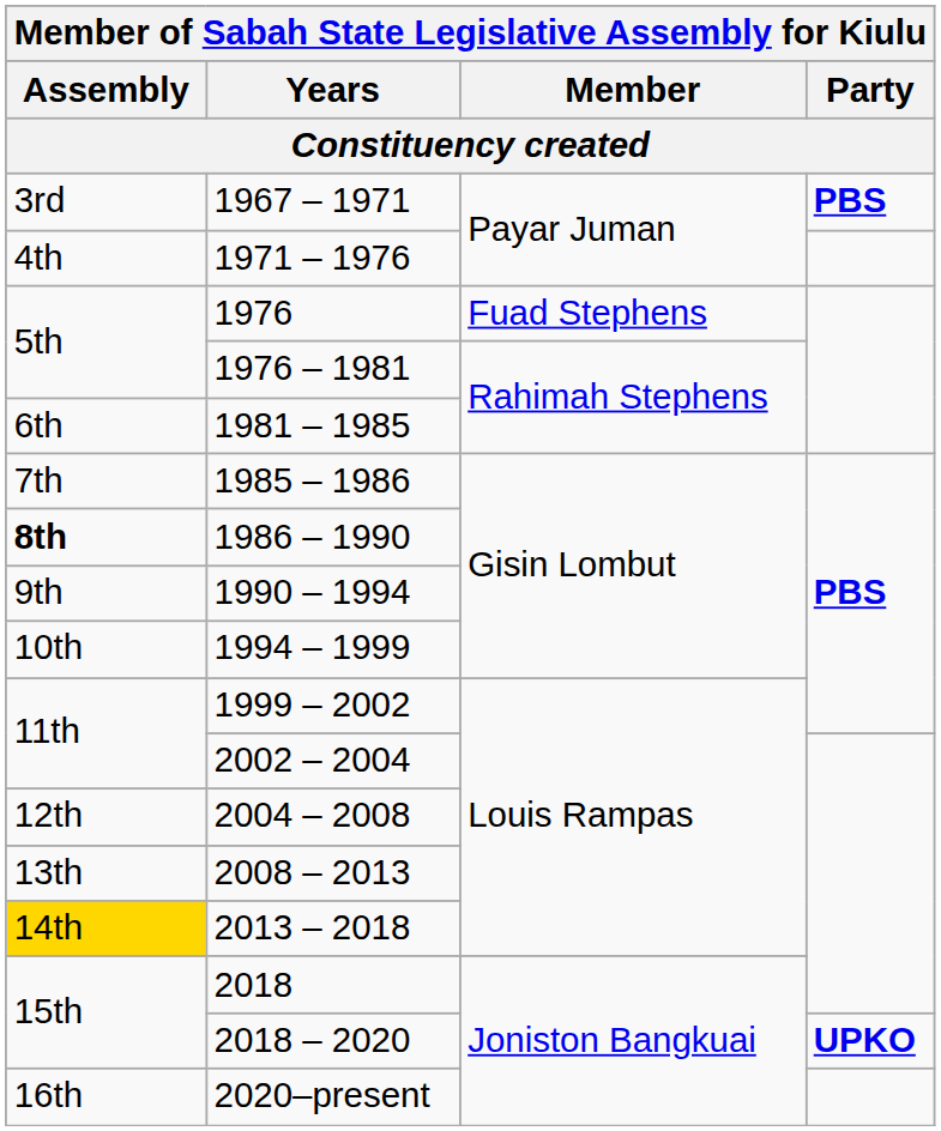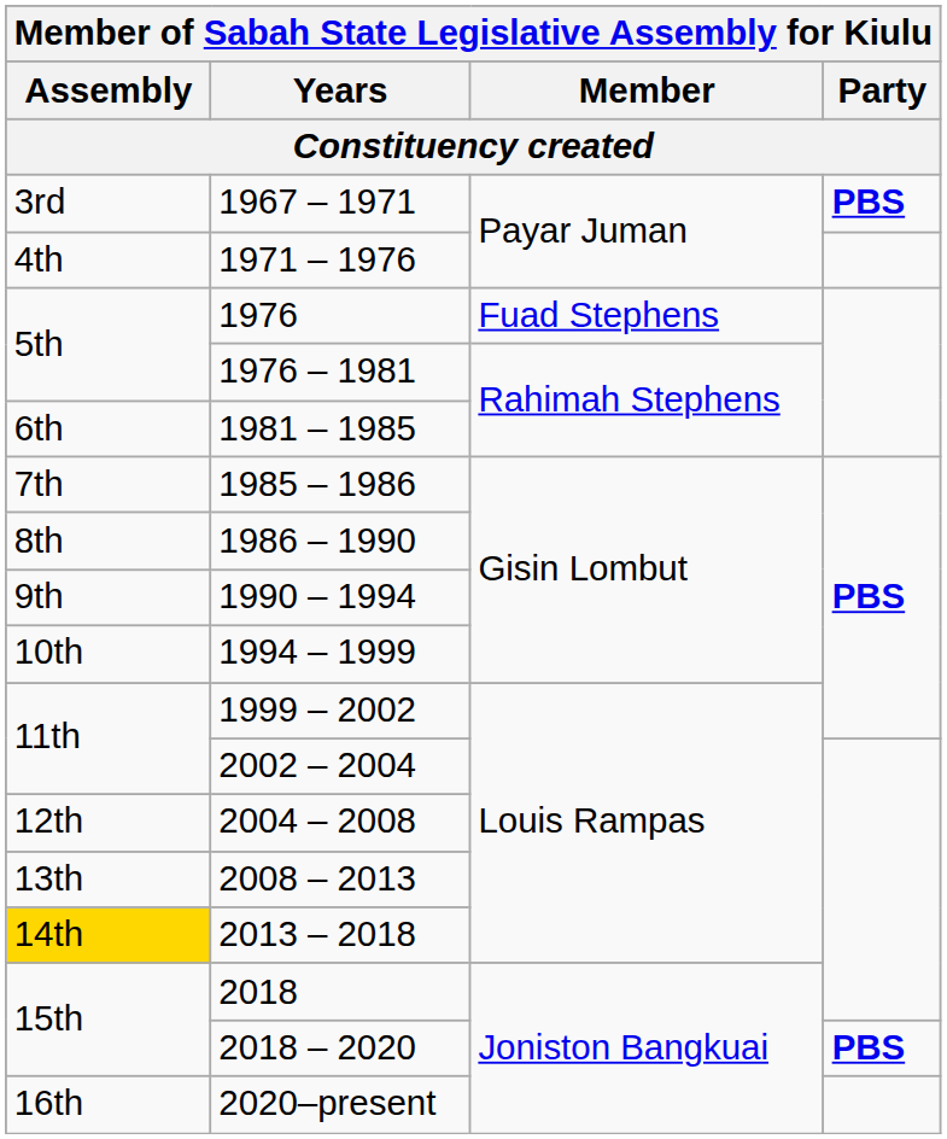 <table class="wikitable">
 <tr>
 <th colspan="4">Member of <a href='#'>Sabah State Legislative Assembly</a> for Kiulu</th>
 </tr>
 <tr>
 <th>Assembly</th>
 <th>Years</th>
 <th>Member</th>
 <th>Party</th>
 </tr>
 <tr>
 <th colspan="4" align="center"><em>Constituency created</em></th>
 </tr>
 <tr>
 <td>3rd</td>
 <td>1967 – 1971</td>
 <td rowspan="2">Payar Juman</td>
 <td><strong><a href='#'>PBS</a></strong></td>
 </tr>
 <tr>
 <td>4th</td>
 <td>1971 – 1976</td>
 <td></td>
 </tr>
 <tr>
 <td rowspan="2">5th</td>
 <td>1976</td>
 <td><a href='#'>Fuad Stephens</a></td>
 <td rowspan="3"></td>
 </tr>
 <tr>
 <td>1976 – 1981</td>
 <td rowspan="2"><a href='#'>Rahimah Stephens</a></td>
 </tr>
 <tr>
 <td>6th</td>
 <td>1981 – 1985</td>
 </tr>
 <tr>
 <td>7th</td>
 <td>1985 – 1986</td>
 <td rowspan="4">Gisin Lombut</td>
 <td rowspan="5"><strong><a href='#'>PBS</a></strong></td>
 </tr>
 <tr>
-<td><strong>8th</strong></td>
+<td>8th</td>
 <td>1986 – 1990</td>
 </tr>
 <tr>
 <td>9th</td>
 <td>1990 – 1994</td>
 </tr>
 <tr>
 <td>10th</td>
 <td>1994 – 1999</td>
 </tr>
 <tr>
 <td rowspan="2">11th</td>
 <td>1999 – 2002</td>
 <td rowspan="5">Louis Rampas</td>
 </tr>
 <tr>
 <td>2002 – 2004</td>
 <td rowspan="5"></td>
 </tr>
 <tr>
 <td>12th</td>
 <td>2004 – 2008</td>
 </tr>
 <tr>
 <td>13th</td>
 <td>2008 – 2013</td>
 </tr>
 <tr>
 <td style="background: gold;">14th</td>
 <td>2013 – 2018</td>
 </tr>
 <tr>
 <td rowspan="2">15th</td>
 <td>2018</td>
 <td rowspan="3"><a href='#'>Joniston Bangkuai</a></td>
 </tr>
 <tr>
 <td>2018 – 2020</td>
-<td><strong><a href='#'>UPKO</a></strong></td>
+<td><strong><a href='#'>PBS</a></strong></td>
 </tr>
 <tr>
 <td>16th</td>
 <td>2020–present</td>
 <td></td>
 </tr>
 </table>
